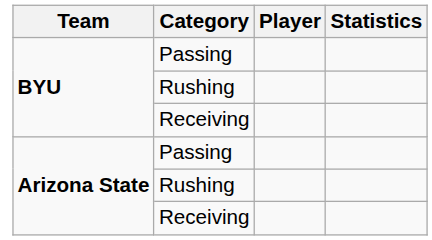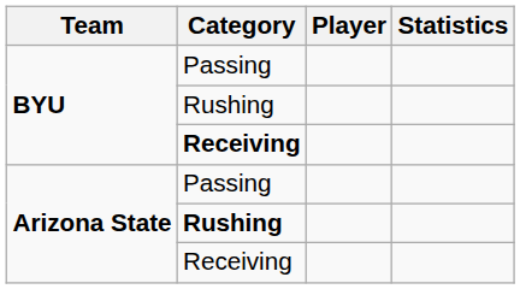 <table class="wikitable" style="float: right;">
 <tr>
 <th>Team</th>
 <th>Category</th>
 <th>Player</th>
 <th>Statistics</th>
 </tr>
 <tr>
 <td rowspan=3><strong>BYU</strong></td>
 <td>Passing</td>
 <td></td>
 <td></td>
 </tr>
 <tr>
 <td>Rushing</td>
 <td></td>
 <td></td>
 </tr>
 <tr>
-<td>Receiving</td>
+<td><strong>Receiving</strong></td>
 <td></td>
 <td></td>
 </tr>
 <tr>
 <td rowspan=3><strong>Arizona State</strong></td>
 <td>Passing</td>
 <td></td>
 <td></td>
 </tr>
 <tr>
-<td>Rushing</td>
+<td><strong>Rushing</strong></td>
 <td></td>
 <td></td>
 </tr>
 <tr>
 <td>Receiving</td>
 <td></td>
 <td></td>
 </tr>
 </table>
